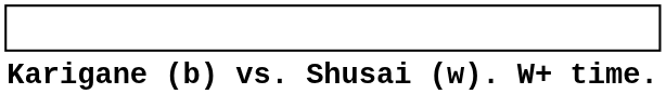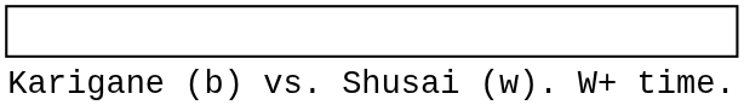 <table style="margin:1em;">
 <tr>
 <td style="border: solid thin; padding: 2px;"><br></td>
 </tr>
 <tr>
-<td style="text-align:center"><strong>Karigane (b) vs. Shusai (w). W+ time.</strong></td>
+<td style="text-align:center">Karigane (b) vs. Shusai (w). W+ time.</td>
 </tr>
 </table>
